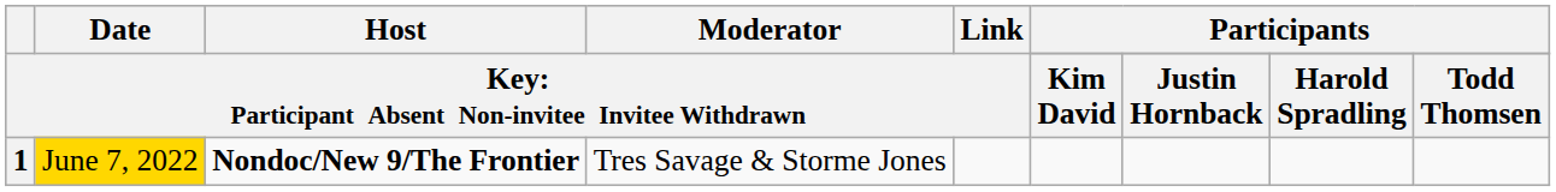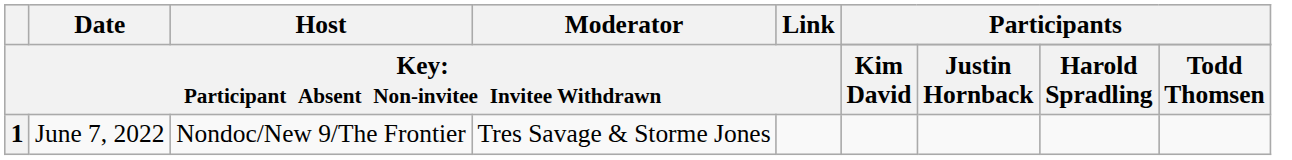 <table class="wikitable" style="text-align:center;">
 <tr>
 <th scope="col"></th>
 <th scope="col">Date</th>
 <th scope="col">Host</th>
 <th scope="col">Moderator</th>
 <th scope="col">Link</th>
 <th colspan="4" scope="col">Participants</th>
 </tr>
 <tr>
 <th colspan="5" rowspan="2">Key:<br> <small>Participant </small>  <small>Absent </small>  <small>Non-invitee </small>  <small>Invitee  Withdrawn</small></th>
 </tr>
 <tr>
 <th scope="col">Kim<br>David</th>
 <th scope="col">Justin<br>Hornback</th>
 <th scope="col">Harold<br>Spradling</th>
 <th scope="col">Todd<br>Thomsen</th>
 </tr>
 <tr>
 <th scope="row">1</th>
-<td style="background: gold; white-space:nowrap;">June 7, 2022</td>
-<td style="white-space:nowrap;"><strong>Nondoc/New 9/The Frontier</strong></td>
+<td style="white-space:nowrap;">June 7, 2022</td>
+<td style="white-space:nowrap;">Nondoc/New 9/The Frontier</td>
 <td style="white-space:nowrap;">Tres Savage & Storme Jones</td>
 <td style="white-space:nowrap;"></td>
 <td></td>
 <td></td>
 <td></td>
 <td></td>
 </tr>
 </table>
